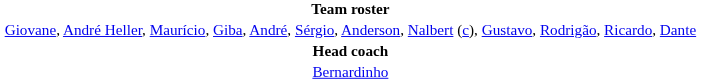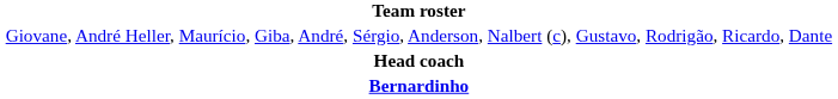 <table style="text-align:center; margin-top:2em; margin-left:auto; margin-right:auto">
 <tr>
 <td><strong>Team roster</strong></td>
 </tr>
 <tr>
 <td><a href='#'>Giovane</a>, <a href='#'>André Heller</a>, <a href='#'>Maurício</a>, <a href='#'>Giba</a>, <a href='#'>André</a>, <a href='#'>Sérgio</a>, <a href='#'>Anderson</a>, <a href='#'>Nalbert</a> (<a href='#'>c</a>), <a href='#'>Gustavo</a>, <a href='#'>Rodrigão</a>, <a href='#'>Ricardo</a>, <a href='#'>Dante</a></td>
 </tr>
 <tr>
 <td><strong>Head coach</strong></td>
 </tr>
 <tr>
-<td><a href='#'>Bernardinho</a></td>
+<td><strong><a href='#'>Bernardinho</a></strong></td>
 </tr>
 <tr>
 </tr>
 </table>
